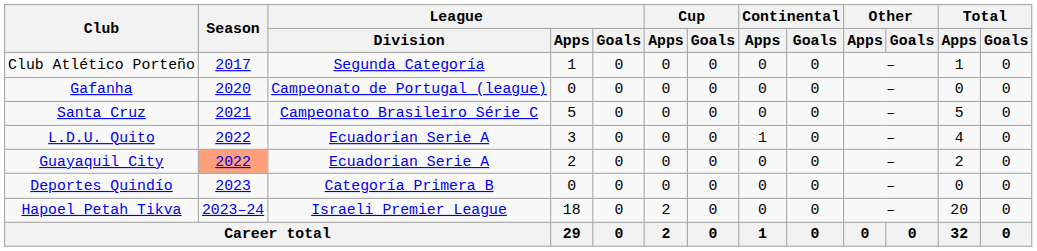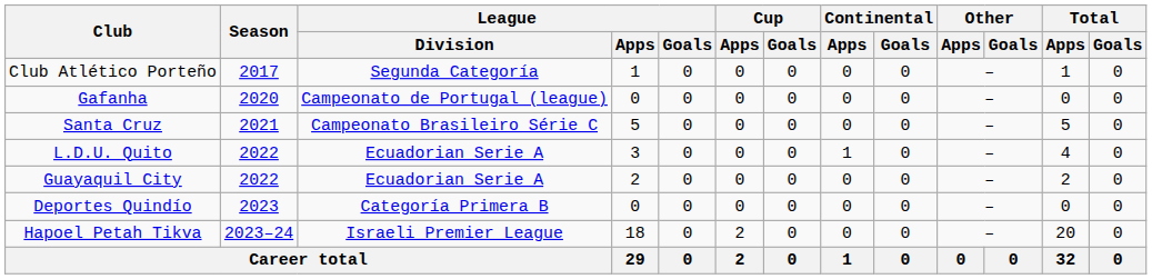 <table class="wikitable" style="text-align: center">
 <tr>
 <th rowspan="2">Club</th>
 <th rowspan="2">Season</th>
 <th colspan="3">League</th>
 <th colspan="2">Cup</th>
 <th colspan="2">Continental</th>
 <th colspan="2">Other</th>
 <th colspan="2">Total</th>
 </tr>
 <tr>
 <th>Division</th>
 <th>Apps</th>
 <th>Goals</th>
 <th>Apps</th>
 <th>Goals</th>
 <th>Apps</th>
 <th>Goals</th>
 <th>Apps</th>
 <th>Goals</th>
 <th>Apps</th>
 <th>Goals</th>
 </tr>
 <tr>
 <td>Club Atlético Porteño</td>
 <td><a href='#'>2017</a></td>
 <td rowspan="1"><a href='#'>Segunda Categoría</a></td>
 <td>1</td>
 <td>0</td>
 <td>0</td>
 <td>0</td>
 <td>0</td>
 <td>0</td>
 <td colspan="2">–</td>
 <td>1</td>
 <td>0</td>
 </tr>
 <tr>
 <td><a href='#'>Gafanha</a></td>
 <td><a href='#'>2020</a></td>
 <td rowspan="1"><a href='#'>Campeonato de Portugal (league)</a></td>
 <td>0</td>
 <td>0</td>
 <td>0</td>
 <td>0</td>
 <td>0</td>
 <td>0</td>
 <td colspan="2">–</td>
 <td>0</td>
 <td>0</td>
 </tr>
 <tr>
 <td><a href='#'>Santa Cruz</a></td>
 <td><a href='#'>2021</a></td>
 <td rowspan="1"><a href='#'>Campeonato Brasileiro Série C</a></td>
 <td>5</td>
 <td>0</td>
 <td>0</td>
 <td>0</td>
 <td>0</td>
 <td>0</td>
 <td colspan="2">–</td>
 <td>5</td>
 <td>0</td>
 </tr>
 <tr>
 <td><a href='#'>L.D.U. Quito</a></td>
 <td><a href='#'>2022</a></td>
 <td rowspan="1"><a href='#'>Ecuadorian Serie A</a></td>
 <td>3</td>
 <td>0</td>
 <td>0</td>
 <td>0</td>
 <td>1</td>
 <td>0</td>
 <td colspan="2">–</td>
 <td>4</td>
 <td>0</td>
 </tr>
 <tr>
 <td><a href='#'>Guayaquil City</a></td>
-<td style="background: lightsalmon;"><a href='#'>2022</a></td>
+<td><a href='#'>2022</a></td>
 <td rowspan="1"><a href='#'>Ecuadorian Serie A</a></td>
 <td>2</td>
 <td>0</td>
 <td>0</td>
 <td>0</td>
 <td>0</td>
 <td>0</td>
 <td colspan="2">–</td>
 <td>2</td>
 <td>0</td>
 </tr>
 <tr>
 <td><a href='#'>Deportes Quindío</a></td>
 <td><a href='#'>2023</a></td>
 <td rowspan="1"><a href='#'>Categoría Primera B</a></td>
 <td>0</td>
 <td>0</td>
 <td>0</td>
 <td>0</td>
 <td>0</td>
 <td>0</td>
 <td colspan="2">–</td>
 <td>0</td>
 <td>0</td>
 </tr>
 <tr>
 <td><a href='#'>Hapoel Petah Tikva</a></td>
 <td><a href='#'>2023–24</a></td>
 <td rowspan="1"><a href='#'>Israeli Premier League</a></td>
 <td>18</td>
 <td>0</td>
 <td>2</td>
 <td>0</td>
 <td>0</td>
 <td>0</td>
 <td colspan="2">–</td>
 <td>20</td>
 <td>0</td>
 </tr>
 <tr>
 <th colspan="3"><strong>Career total</strong></th>
 <th>29</th>
 <th>0</th>
 <th>2</th>
 <th>0</th>
 <th>1</th>
 <th>0</th>
 <th>0</th>
 <th>0</th>
 <th>32</th>
 <th>0</th>
 </tr>
 </table>
